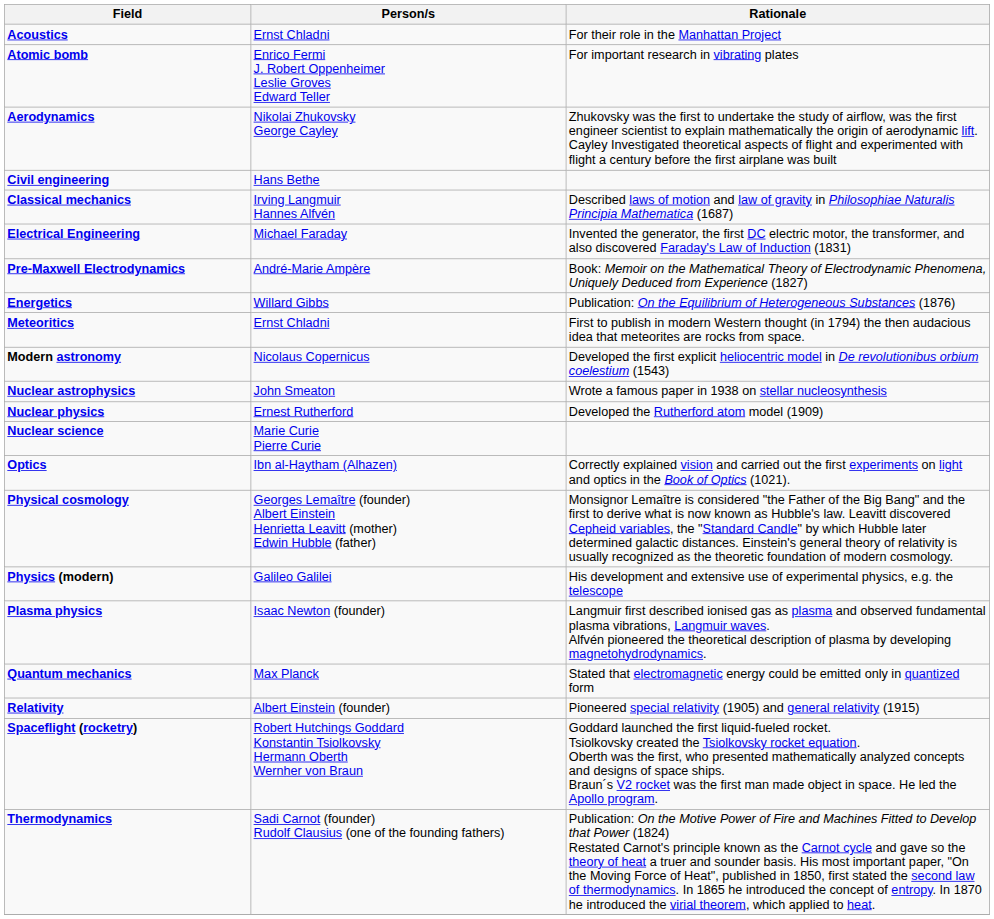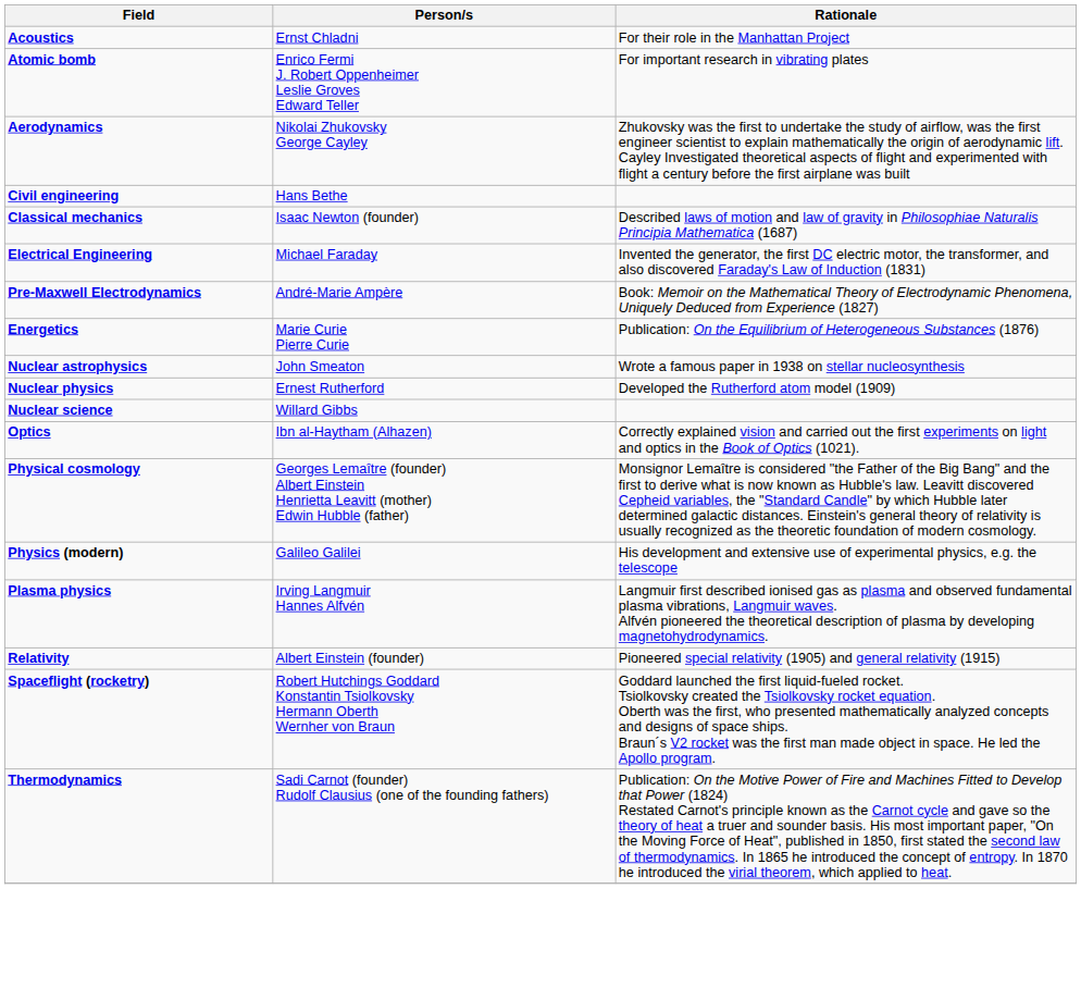 <table class="wikitable" style="text-align:left;">
 <tr>
 <th width="25%">Field</th>
 <th width="32%">Person/s<br></th>
 <th width="43%">Rationale</th>
 </tr>
 <tr style="vertical-align:top">
 <td><strong><a href='#'>Acoustics</a></strong></td>
 <td><a href='#'>Ernst Chladni</a></td>
 <td>For their role in the <a href='#'>Manhattan Project</a></td>
 </tr>
 <tr style="vertical-align:top">
 <td><strong><a href='#'>Atomic bomb</a></strong></td>
 <td><a href='#'>Enrico Fermi</a><br><a href='#'>J. Robert Oppenheimer</a><br><a href='#'>Leslie Groves</a><br><a href='#'>Edward Teller</a></td>
 <td>For important research in <a href='#'>vibrating</a> plates</td>
 </tr>
 <tr style="vertical-align:top">
 <td><strong><a href='#'>Aerodynamics</a></strong></td>
 <td><a href='#'>Nikolai Zhukovsky</a><br><a href='#'>George Cayley</a><br></td>
 <td>Zhukovsky was the first to undertake the study of airflow, was the first engineer scientist to explain mathematically the origin of aerodynamic <a href='#'>lift</a>. Cayley Investigated theoretical aspects of flight and experimented with flight a century before the first airplane was built</td>
 </tr>
 <tr style="vertical-align:top">
 <td><strong><a href='#'>Civil engineering</a></strong></td>
 <td><a href='#'>Hans Bethe</a></td>
 </tr>
 <tr style="vertical-align:top">
 <td><strong><a href='#'>Classical mechanics</a></strong></td>
-<td><a href='#'>Irving Langmuir</a><br><a href='#'>Hannes Alfvén</a></td>
+<td><a href='#'>Isaac Newton</a> (founder)</td>
 <td>Described <a href='#'>laws of motion</a> and <a href='#'>law of gravity</a> in <em><a href='#'>Philosophiae Naturalis Principia Mathematica</a></em> (1687)</td>
 </tr>
 <tr style="vertical-align:top">
 <td><strong><a href='#'>Electrical Engineering</a></strong></td>
 <td><a href='#'>Michael Faraday</a></td>
 <td>Invented the generator, the first <a href='#'>DC</a> electric motor, the transformer, and also discovered <a href='#'>Faraday's Law of Induction</a> (1831)</td>
 </tr>
 <tr style="vertical-align:top">
 <td><strong><a href='#'>Pre-Maxwell Electrodynamics</a></strong></td>
 <td><a href='#'>André-Marie Ampère</a></td>
 <td>Book: <em>Memoir on the Mathematical Theory of Electrodynamic Phenomena, Uniquely Deduced from Experience</em> (1827)</td>
 </tr>
 <tr style="vertical-align:top">
 <td><strong><a href='#'>Energetics</a></strong></td>
-<td><a href='#'>Willard Gibbs</a></td>
+<td><a href='#'>Marie Curie</a><br><a href='#'>Pierre Curie</a></td>
 <td>Publication: <em><a href='#'>On the Equilibrium of Heterogeneous Substances</a></em> (1876)</td>
-</tr>
-<tr style="vertical-align:top">
-<td><strong><a href='#'>Meteoritics</a></strong></td>
-<td><a href='#'>Ernst Chladni</a></td>
-<td>First to publish in modern Western thought (in 1794) the then audacious idea that meteorites are rocks from space.</td>
-</tr>
-<tr style="vertical-align:top">
-<td><strong>Modern <a href='#'>astronomy</a></strong></td>
-<td><a href='#'>Nicolaus Copernicus</a></td>
-<td>Developed the first explicit <a href='#'>heliocentric model</a> in <em><a href='#'>De revolutionibus orbium coelestium</a></em> (1543)</td>
 </tr>
 <tr>
 <td><strong><a href='#'>Nuclear astrophysics</a></strong></td>
 <td><a href='#'>John Smeaton</a></td>
 <td>Wrote a famous paper in 1938 on <a href='#'>stellar nucleosynthesis</a></td>
 </tr>
 <tr style="vertical-align:top">
 <td><strong><a href='#'>Nuclear physics</a></strong></td>
 <td><a href='#'>Ernest Rutherford</a></td>
 <td>Developed the <a href='#'>Rutherford atom</a> model (1909)</td>
 </tr>
 <tr style="vertical-align:top">
 <td><strong><a href='#'>Nuclear science</a></strong></td>
-<td><a href='#'>Marie Curie</a><br><a href='#'>Pierre Curie</a></td>
+<td><a href='#'>Willard Gibbs</a></td>
 <td></td>
 </tr>
 <tr style="vertical-align:top">
 <td><strong><a href='#'>Optics</a></strong></td>
 <td><a href='#'>Ibn al-Haytham (Alhazen)</a></td>
 <td>Correctly explained <a href='#'>vision</a> and carried out the first <a href='#'>experiments</a> on <a href='#'>light</a> and optics in the <em><a href='#'>Book of Optics</a></em> (1021).</td>
 </tr>
 <tr style="vertical-align:top">
 <td><strong><a href='#'>Physical cosmology</a></strong></td>
 <td><a href='#'>Georges Lemaître</a> (founder)<br><a href='#'>Albert Einstein</a><br><a href='#'>Henrietta Leavitt</a> (mother)<br><a href='#'>Edwin Hubble</a> (father)</td>
 <td>Monsignor Lemaître is considered "the Father of the Big Bang" and the first to derive what is now known as Hubble's law. Leavitt discovered <a href='#'>Cepheid variables</a>, the "<a href='#'>Standard Candle</a>" by which Hubble later determined galactic distances. Einstein's general theory of relativity is usually recognized as the theoretic foundation of modern cosmology.</td>
 </tr>
 <tr style="vertical-align:top">
 <td><strong><a href='#'>Physics</a> (modern)</strong></td>
 <td><a href='#'>Galileo Galilei</a></td>
 <td>His development and extensive use of experimental physics, e.g. the <a href='#'>telescope</a></td>
 </tr>
 <tr style="vertical-align:top">
 <td><strong><a href='#'>Plasma physics</a></strong></td>
-<td><a href='#'>Isaac Newton</a> (founder)</td>
+<td><a href='#'>Irving Langmuir</a><br><a href='#'>Hannes Alfvén</a></td>
 <td>Langmuir first described ionised gas as <a href='#'>plasma</a> and observed fundamental plasma vibrations, <a href='#'>Langmuir waves</a>.<br>Alfvén pioneered the theoretical description of plasma by developing <a href='#'>magnetohydrodynamics</a>.</td>
-</tr>
-<tr style="vertical-align:top">
-<td><strong><a href='#'>Quantum mechanics</a></strong></td>
-<td><a href='#'>Max Planck</a></td>
-<td>Stated that <a href='#'>electromagnetic</a> energy could be emitted only in <a href='#'>quantized</a> form</td>
 </tr>
 <tr style="vertical-align:top">
 <td><strong><a href='#'>Relativity</a></strong></td>
 <td><a href='#'>Albert Einstein</a> (founder)</td>
 <td>Pioneered <a href='#'>special relativity</a> (1905) and <a href='#'>general relativity</a> (1915)</td>
 </tr>
 <tr style="vertical-align:top">
 <td><strong><a href='#'>Spaceflight</a></strong> <strong>(<a href='#'>rocketry</a>)</strong></td>
 <td><a href='#'>Robert Hutchings Goddard</a><br><a href='#'>Konstantin Tsiolkovsky</a><br><a href='#'>Hermann Oberth</a><br><a href='#'>Wernher von Braun</a></td>
 <td>Goddard launched the first liquid-fueled rocket.<br>Tsiolkovsky created the <a href='#'>Tsiolkovsky rocket equation</a>.<br>Oberth was the first, who presented mathematically analyzed concepts and designs of space ships.<br>Braun´s <a href='#'>V2 rocket</a> was the first man made object in space. He led the <a href='#'>Apollo program</a>.</td>
 </tr>
 <tr style="vertical-align:top">
 <td><strong><a href='#'>Thermodynamics</a></strong></td>
 <td><a href='#'>Sadi Carnot</a> (founder)<br><a href='#'>Rudolf Clausius</a> (one of the founding fathers)</td>
 <td>Publication: <em>On the Motive Power of Fire and Machines Fitted to Develop that Power</em> (1824)<br>Restated Carnot's principle known as the <a href='#'>Carnot cycle</a> and gave so the <a href='#'>theory of heat</a> a truer and sounder basis. His most important paper, "On the Moving Force of Heat", published in 1850, first stated the <a href='#'>second law of thermodynamics</a>. In 1865 he introduced the concept of <a href='#'>entropy</a>. In 1870 he introduced the <a href='#'>virial theorem</a>, which applied to <a href='#'>heat</a>.</td>
 </tr>
 <tr style="vertical-align:top">
 </tr>
 </table>
